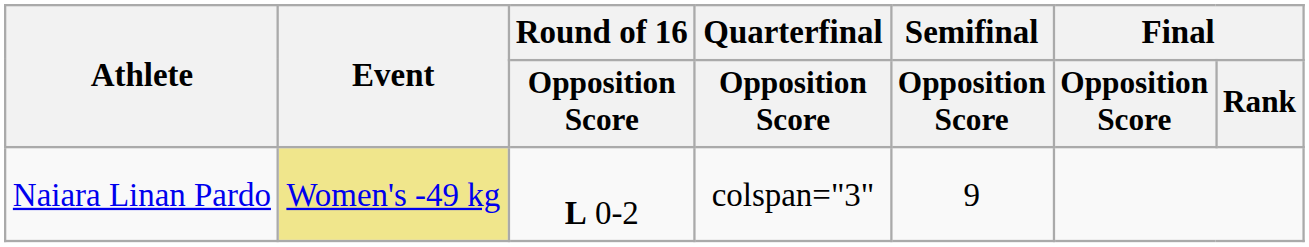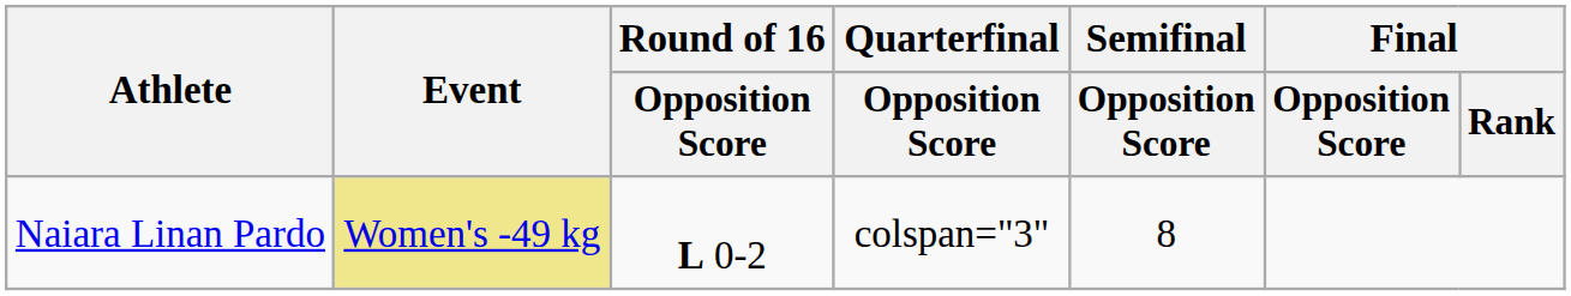 <table class="wikitable" style="text-align:center; font-size:90%">
 <tr>
 <th rowspan="2">Athlete</th>
 <th rowspan="2">Event</th>
 <th>Round of 16</th>
 <th>Quarterfinal</th>
 <th>Semifinal</th>
 <th colspan="2">Final</th>
 </tr>
 <tr style="font-size:95%">
 <th>Opposition<br>Score</th>
 <th>Opposition<br>Score</th>
 <th>Opposition<br>Score</th>
 <th>Opposition<br>Score</th>
 <th>Rank</th>
 </tr>
 <tr>
 <td align="left"><a href='#'>Naiara Linan Pardo</a></td>
 <td align="left" style="background: khaki;"><a href='#'>Women's -49 kg</a></td>
 <td><br><strong>L</strong> 0-2</td>
 <td>colspan="3" </td>
-<td>9</td>
+<td>8</td>
 </tr>
 </table>
